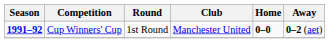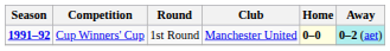 <table class="wikitable" style="text-align: left; font-size:95%">
 <tr bgcolor="#ccccff">
 <th>Season</th>
 <th>Competition</th>
 <th>Round</th>
 <th>Club</th>
 <th>Home</th>
 <th>Away</th>
 </tr>
 <tr>
 <td><strong><a href='#'>1991–92</a></strong></td>
 <td><a href='#'>Cup Winners' Cup</a></td>
 <td>1st Round</td>
 <td> <a href='#'>Manchester United</a></td>
-<td><strong>0–0</strong></td>
-<td><strong>0–2</strong> (<a href='#'>aet</a>)</td>
+<td style="background: lightyellow;"><strong>0–0</strong></td>
+<td style="background: paleturquoise;"><strong>0–2</strong> (<a href='#'>aet</a>)</td>
 </tr>
 <tr>
 </tr>
 </table>
